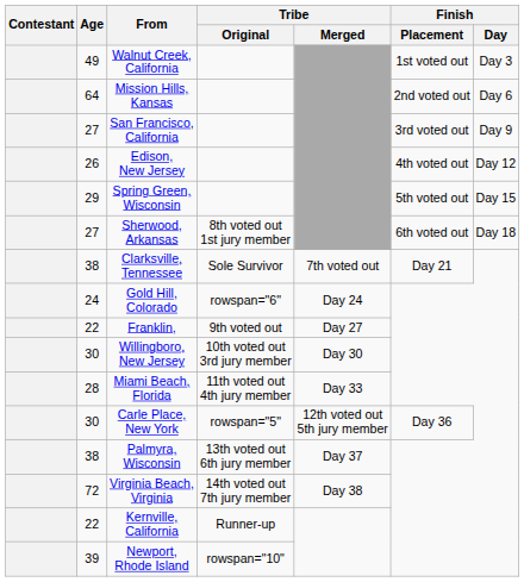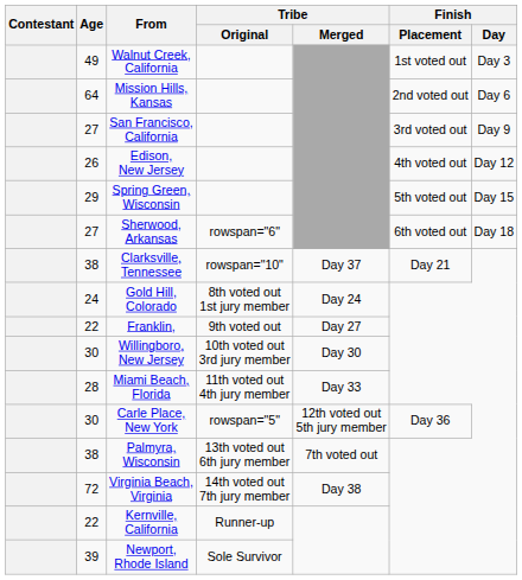 <table class="wikitable sortable" style="margin:auto; text-align:center;">
 <tr>
 <th rowspan="2" scope="col">Contestant</th>
 <th rowspan="2" scope="col">Age</th>
 <th rowspan="2" scope="col" class=unsortable>From</th>
 <th colspan="2" scope="colgroup">Tribe</th>
 <th colspan="2" scope="colgroup">Finish</th>
 </tr>
 <tr>
 <th scope="col">Original</th>
 <th scope="col" class=unsortable>Merged</th>
 <th scope="col" class=unsortable>Placement</th>
 <th scope="col" class=unsortable>Day</th>
 </tr>
 <tr>
 <th scope="row" style="text-align:left;"></th>
 <td>49</td>
 <td><a href='#'>Walnut Creek,<br>California</a></td>
 <td></td>
 <td rowspan="6" style="background-color:darkgrey;"></td>
 <td>1st voted out</td>
 <td>Day 3</td>
 </tr>
 <tr>
 <th scope="row" style="text-align:left;"></th>
 <td>64</td>
 <td><a href='#'>Mission Hills,<br>Kansas</a></td>
 <td></td>
 <td>2nd voted out</td>
 <td>Day 6</td>
 </tr>
 <tr>
 <th scope="row" style="text-align:left;"></th>
 <td>27</td>
 <td><a href='#'>San Francisco,<br>California</a></td>
 <td></td>
 <td>3rd voted out</td>
 <td>Day 9</td>
 </tr>
 <tr>
 <th scope="row" style="text-align:left;"></th>
 <td>26</td>
 <td><a href='#'>Edison,<br>New Jersey</a></td>
 <td></td>
 <td>4th voted out</td>
 <td>Day 12</td>
 </tr>
 <tr>
 <th scope="row" style="text-align:left;"></th>
 <td>29</td>
 <td><a href='#'>Spring Green,<br>Wisconsin</a></td>
 <td></td>
 <td>5th voted out</td>
 <td>Day 15</td>
 </tr>
 <tr>
 <th scope="row" style="text-align:left;"></th>
 <td>27</td>
 <td><a href='#'>Sherwood,<br>Arkansas</a></td>
-<td>8th voted out<br>1st jury member</td>
+<td>rowspan="6" </td>
 <td>6th voted out</td>
 <td>Day 18</td>
 </tr>
 <tr>
 <th scope="row" style="text-align:left;"></th>
 <td>38</td>
 <td><a href='#'>Clarksville,<br>Tennessee</a></td>
-<td>Sole Survivor</td>
-<td>7th voted out</td>
+<td>rowspan="10" </td>
+<td>Day 37</td>
 <td>Day 21</td>
 </tr>
 <tr>
 <th scope="row" style="text-align:left;"></th>
 <td>24</td>
 <td><a href='#'>Gold Hill,<br>Colorado</a></td>
-<td>rowspan="6" </td>
+<td>8th voted out<br>1st jury member</td>
 <td>Day 24</td>
 </tr>
 <tr>
 <th scope="row" style="text-align:left;"></th>
 <td>22</td>
 <td><a href='#'>Franklin,<br></a></td>
 <td>9th voted out<br></td>
 <td>Day 27</td>
 </tr>
 <tr>
 <th scope="row" style="text-align:left;"></th>
 <td>30</td>
 <td><a href='#'>Willingboro,<br>New Jersey</a></td>
 <td>10th voted out<br>3rd jury member</td>
 <td>Day 30</td>
 </tr>
 <tr>
 <th scope="row" style="text-align:left;"></th>
 <td>28</td>
 <td><a href='#'>Miami Beach,<br>Florida</a></td>
 <td>11th voted out<br>4th jury member</td>
 <td>Day 33</td>
 </tr>
 <tr>
 <th scope="row" style="text-align:left;"></th>
 <td>30</td>
 <td><a href='#'>Carle Place,<br>New York</a></td>
 <td>rowspan="5" </td>
 <td>12th voted out<br>5th jury member</td>
 <td>Day 36</td>
 </tr>
 <tr>
 <th scope="row" style="text-align:left;"></th>
 <td>38</td>
 <td><a href='#'>Palmyra,<br>Wisconsin</a></td>
 <td>13th voted out<br>6th jury member</td>
-<td>Day 37</td>
+<td>7th voted out</td>
 </tr>
 <tr>
 <th scope="row" style="text-align:left;"></th>
 <td>72</td>
 <td><a href='#'>Virginia Beach,<br>Virginia</a></td>
 <td>14th voted out<br>7th jury member</td>
 <td>Day 38</td>
 </tr>
 <tr>
 <th scope="row" style="text-align:left;"></th>
 <td>22</td>
 <td><a href='#'>Kernville,<br>California</a></td>
 <td>Runner-up</td>
 <td rowspan="2"></td>
 </tr>
 <tr>
 <th scope="row" style="text-align:left;"></th>
 <td>39</td>
 <td><a href='#'>Newport,<br>Rhode Island</a></td>
-<td>rowspan="10" </td>
+<td>Sole Survivor</td>
 </tr>
 </table>
